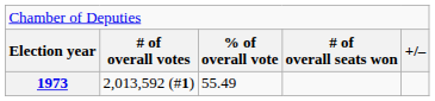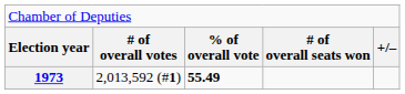 <table class=wikitable>
 <tr>
 <td colspan=6><a href='#'>Chamber of Deputies</a></td>
 </tr>
 <tr>
 <th>Election year</th>
 <th># of<br>overall votes</th>
 <th>% of<br>overall vote</th>
 <th># of<br>overall seats won</th>
 <th>+/–</th>
 </tr>
 <tr>
 <th><a href='#'>1973</a></th>
 <td>2,013,592 (#<strong>1</strong>)</td>
-<td>55.49</td>
+<td><strong>55.49</strong></td>
 <td></td>
 <td></td>
 </tr>
 </table>
